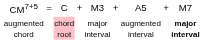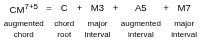 <table style="text-align: center;">
 <tr>
 <td>CM<sup>7+5</sup></td>
 <td>=</td>
 <td>C</td>
 <td>+</td>
 <td>M3</td>
 <td>+</td>
 <td>A5</td>
 <td>+</td>
 <td>M7</td>
 </tr>
 <tr>
 <td><small>augmented<br>chord</small></td>
 <td></td>
-<td style="background: pink;"><small>chord<br>root</small></td>
+<td><small>chord<br>root</small></td>
 <td></td>
 <td><small>major<br>interval</small></td>
 <td></td>
 <td><small>augmented<br>interval</small></td>
 <td></td>
-<td><strong><small>major<br>interval</small></strong></td>
+<td><small>major<br>interval</small></td>
 </tr>
 </table>
